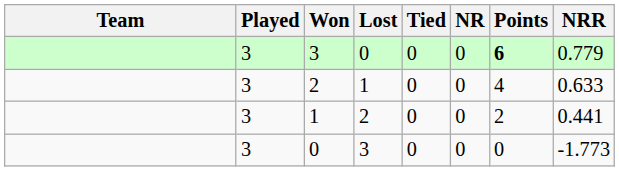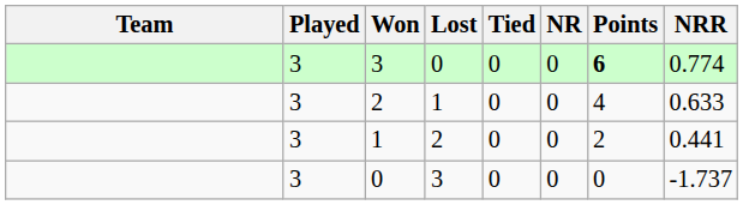 <table class="wikitable">
 <tr>
 <th width=175>Team</th>
 <th>Played</th>
 <th>Won</th>
 <th>Lost</th>
 <th>Tied</th>
 <th>NR</th>
 <th>Points</th>
 <th>NRR</th>
 </tr>
 <tr style="background:#ccffcc">
 <td></td>
 <td>3</td>
 <td>3</td>
 <td>0</td>
 <td>0</td>
 <td>0</td>
 <td><strong>6</strong></td>
-<td>0.779</td>
+<td>0.774</td>
 </tr>
 <tr>
 <td></td>
 <td>3</td>
 <td>2</td>
 <td>1</td>
 <td>0</td>
 <td>0</td>
 <td>4</td>
 <td>0.633</td>
 </tr>
 <tr>
 <td></td>
 <td>3</td>
 <td>1</td>
 <td>2</td>
 <td>0</td>
 <td>0</td>
 <td>2</td>
 <td>0.441</td>
 </tr>
 <tr>
 <td></td>
 <td>3</td>
 <td>0</td>
 <td>3</td>
 <td>0</td>
 <td>0</td>
 <td>0</td>
-<td>-1.773</td>
+<td>-1.737</td>
 </tr>
 </table>
